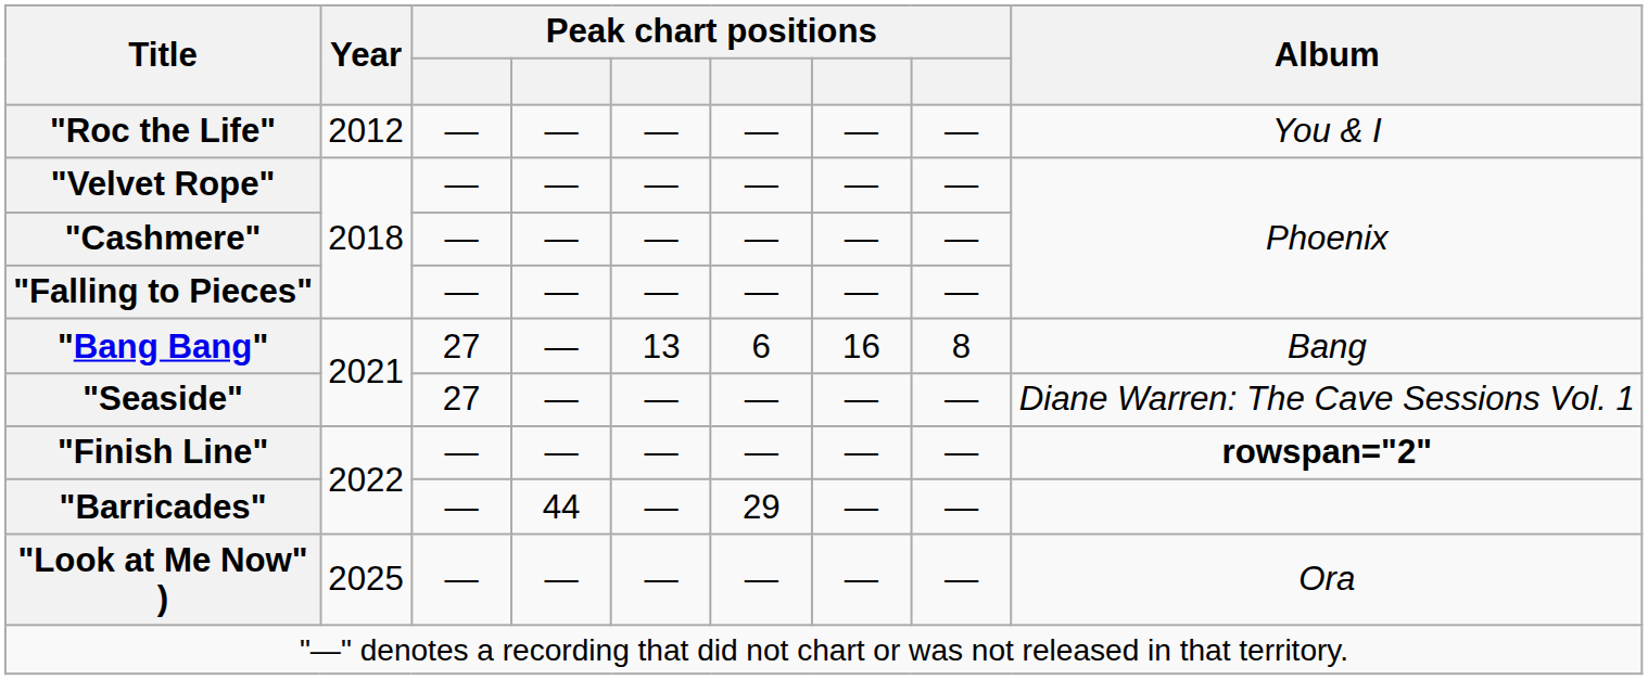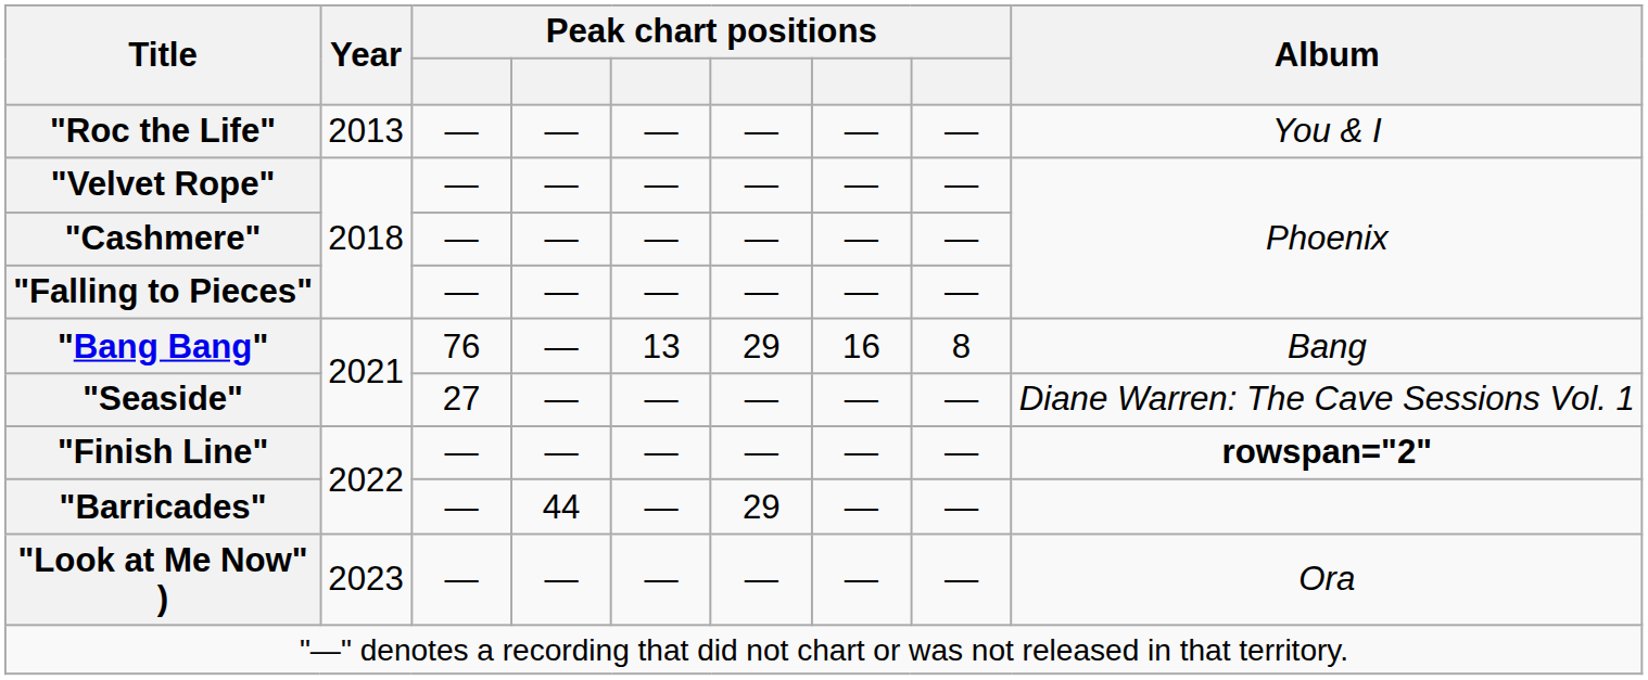 <table class="wikitable plainrowheaders" style="text-align:center;">
 <tr>
 <th scope="col" rowspan="2">Title</th>
 <th scope="col" rowspan="2">Year</th>
 <th scope="col" colspan="6">Peak chart positions</th>
 <th scope="col" rowspan="2">Album</th>
 </tr>
 <tr>
 <th scope=col style="width:3em; font-size:85%;"><a href='#'></a><br></th>
 <th scope=col style="width:3em; font-size:85%;"><a href='#'></a><br></th>
 <th scope=col style="width:3em; font-size:85%;"><a href='#'></a><br></th>
 <th scope=col style="width:3em; font-size:85%;"><a href='#'></a><br></th>
 <th scope=col style="width:3em; font-size:85%;"><a href='#'></a><br></th>
 <th scope=col style="width:3em; font-size:85%;"><a href='#'></a><br></th>
 </tr>
 <tr>
 <th scope="row">"Roc the Life"</th>
-<td>2012</td>
+<td>2013</td>
 <td>—</td>
 <td>—</td>
 <td>—</td>
 <td>—</td>
 <td>—</td>
 <td>—</td>
 <td><em>You & I</em></td>
 </tr>
 <tr>
 <th scope="row">"Velvet Rope"</th>
 <td rowspan="3">2018</td>
 <td>—</td>
 <td>—</td>
 <td>—</td>
 <td>—</td>
 <td>—</td>
 <td>—</td>
 <td rowspan="3"><em>Phoenix</em></td>
 </tr>
 <tr>
 <th scope="row">"Cashmere"</th>
 <td>—</td>
 <td>—</td>
 <td>—</td>
 <td>—</td>
 <td>—</td>
 <td>—</td>
 </tr>
 <tr>
 <th scope="row">"Falling to Pieces"</th>
 <td>—</td>
 <td>—</td>
 <td>—</td>
 <td>—</td>
 <td>—</td>
 <td>—</td>
 </tr>
 <tr>
 <th scope="row">"<a href='#'>Bang Bang</a>"<br></th>
 <td rowspan="2">2021</td>
-<td>27</td>
+<td>76</td>
 <td>—</td>
 <td>13</td>
-<td>6</td>
+<td>29</td>
 <td>16</td>
 <td>8</td>
 <td><em>Bang</em></td>
 </tr>
 <tr>
 <th scope="row">"Seaside"<br></th>
 <td>27</td>
 <td>—</td>
 <td>—</td>
 <td>—</td>
 <td>—</td>
 <td>—</td>
 <td><em>Diane Warren: The Cave Sessions Vol. 1</em></td>
 </tr>
 <tr>
 <th scope="row">"Finish Line"</th>
 <td rowspan="2">2022</td>
 <td>—</td>
 <td>—</td>
 <td>—</td>
 <td>—</td>
 <td>—</td>
 <td>—</td>
 <td><strong>rowspan="2" </strong></td>
 </tr>
 <tr>
 <th scope="row">"Barricades"<br></th>
 <td>—</td>
 <td>44</td>
 <td>—</td>
 <td>29</td>
 <td>—</td>
 <td>—</td>
 </tr>
 <tr>
 <th scope="row">"Look at Me Now"<br>)</th>
-<td>2025</td>
+<td>2023</td>
 <td>—</td>
 <td>—</td>
 <td>—</td>
 <td>—</td>
 <td>—</td>
 <td>—</td>
 <td><em>Ora</em></td>
 </tr>
 <tr>
 <td colspan="9" style="font-size:90%">"—" denotes a recording that did not chart or was not released in that territory.</td>
 </tr>
 </table>
